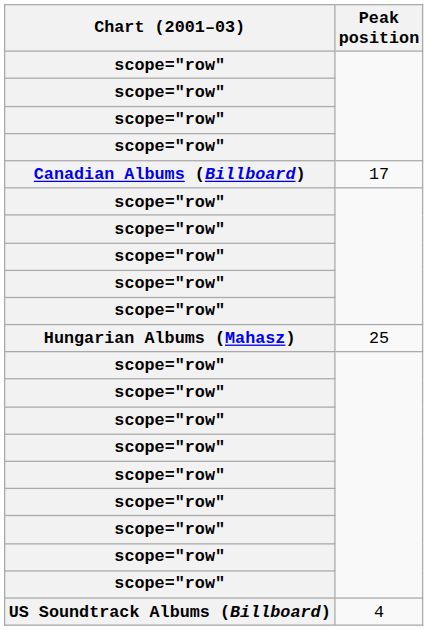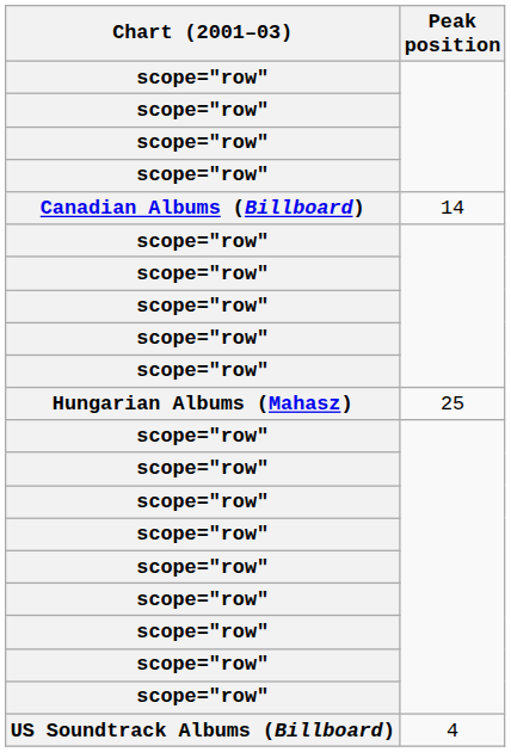 <table class="wikitable plainrowheaders sortable" style="text-align:center;">
 <tr>
 <th scope="col">Chart (2001–03)</th>
 <th scope="col">Peak<br>position</th>
 </tr>
 <tr>
 <th>scope="row" </th>
 </tr>
 <tr>
 <th>scope="row" </th>
 </tr>
 <tr>
 <th>scope="row" </th>
 </tr>
 <tr>
 <th>scope="row" </th>
 </tr>
 <tr>
 <th scope="row"><a href='#'>Canadian Albums</a> (<a href='#'><em>Billboard</em></a>)</th>
-<td style="text-align:center;">17</td>
+<td style="text-align:center;">14</td>
 </tr>
 <tr>
 <th>scope="row" </th>
 </tr>
 <tr>
 <th>scope="row" </th>
 </tr>
 <tr>
 <th>scope="row" </th>
 </tr>
 <tr>
 <th>scope="row" </th>
 </tr>
 <tr>
 <th>scope="row"</th>
 </tr>
 <tr>
 <th scope="row">Hungarian Albums (<a href='#'>Mahasz</a>)</th>
 <td style="text-align:center;">25</td>
 </tr>
 <tr>
 <th>scope="row" </th>
 </tr>
 <tr>
 <th>scope="row" </th>
 </tr>
 <tr>
 <th>scope="row" </th>
 </tr>
 <tr>
 <th>scope="row" </th>
 </tr>
 <tr>
 <th>scope="row" </th>
 </tr>
 <tr>
 <th>scope="row" </th>
 </tr>
 <tr>
 <th>scope="row" </th>
 </tr>
 <tr>
 <th>scope="row" </th>
 </tr>
 <tr>
 <th>scope="row" </th>
 </tr>
 <tr>
 <th scope="row">US Soundtrack Albums (<em>Billboard</em>)</th>
 <td style="text-align:center;">4</td>
 </tr>
 </table>
